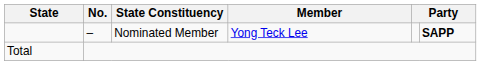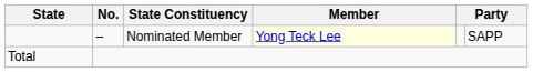 <table class ="wikitable sortable">
 <tr>
 <th style="width:100px;">State</th>
 <th style="width:30px;">No.</th>
 <th style="width:150px;">State Constituency</th>
 <th style="width:240px;">Member</th>
 <th style="width:80px;" colspan=2>Party</th>
 </tr>
 <tr>
 <td></td>
 <td>–</td>
 <td>Nominated Member</td>
-<td><a href='#'>Yong Teck Lee</a></td>
+<td style="background: lightyellow;"><a href='#'>Yong Teck Lee</a></td>
 <td></td>
-<td><strong>SAPP</strong></td>
+<td>SAPP</td>
 </tr>
 <tr>
 <td>Total</td>
 <td style="width:30px;" colspan=6></td>
 </tr>
 </table>
